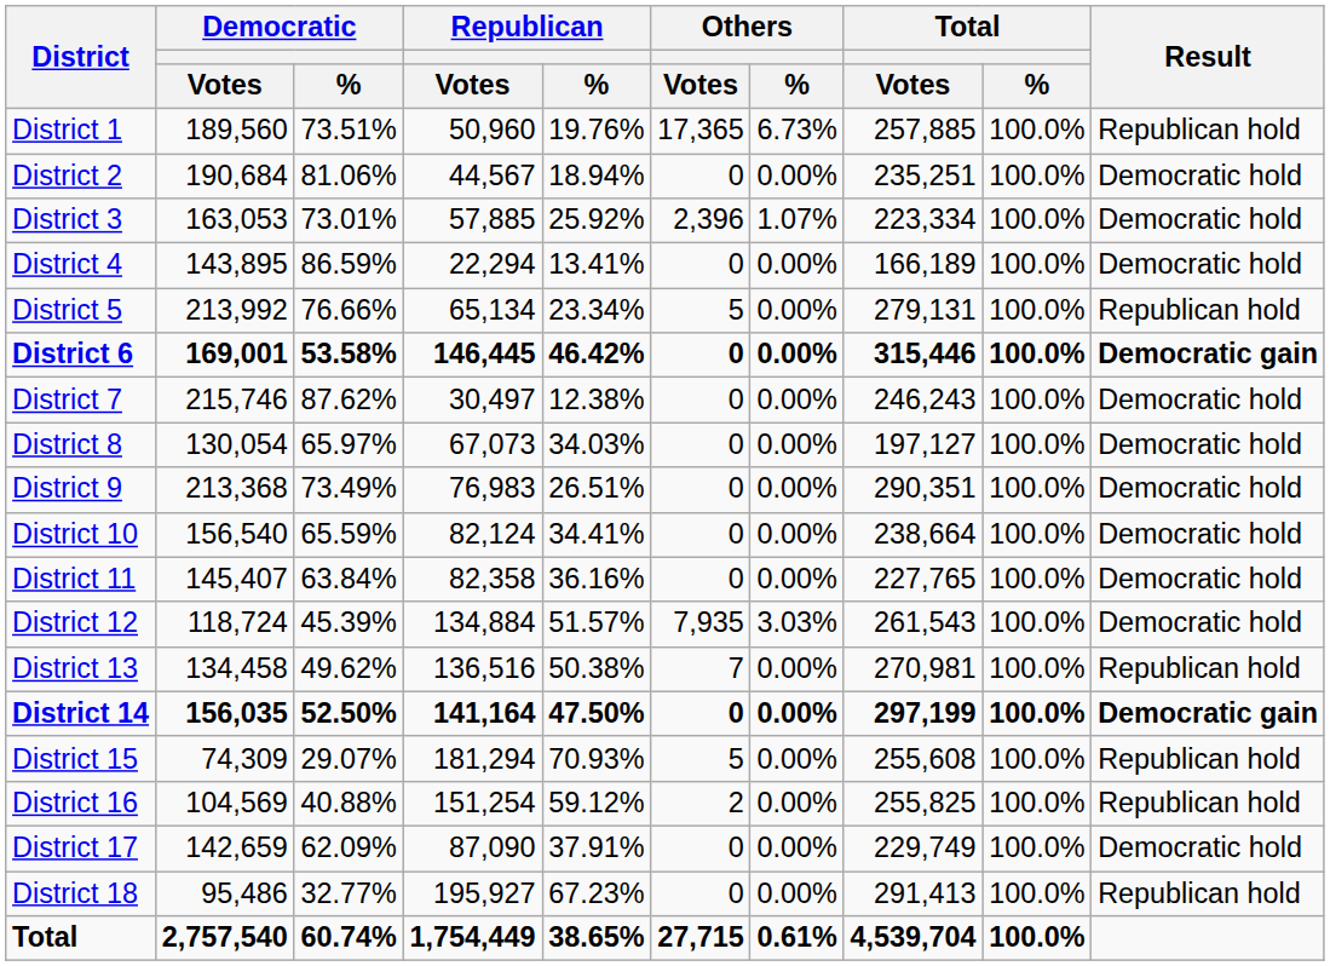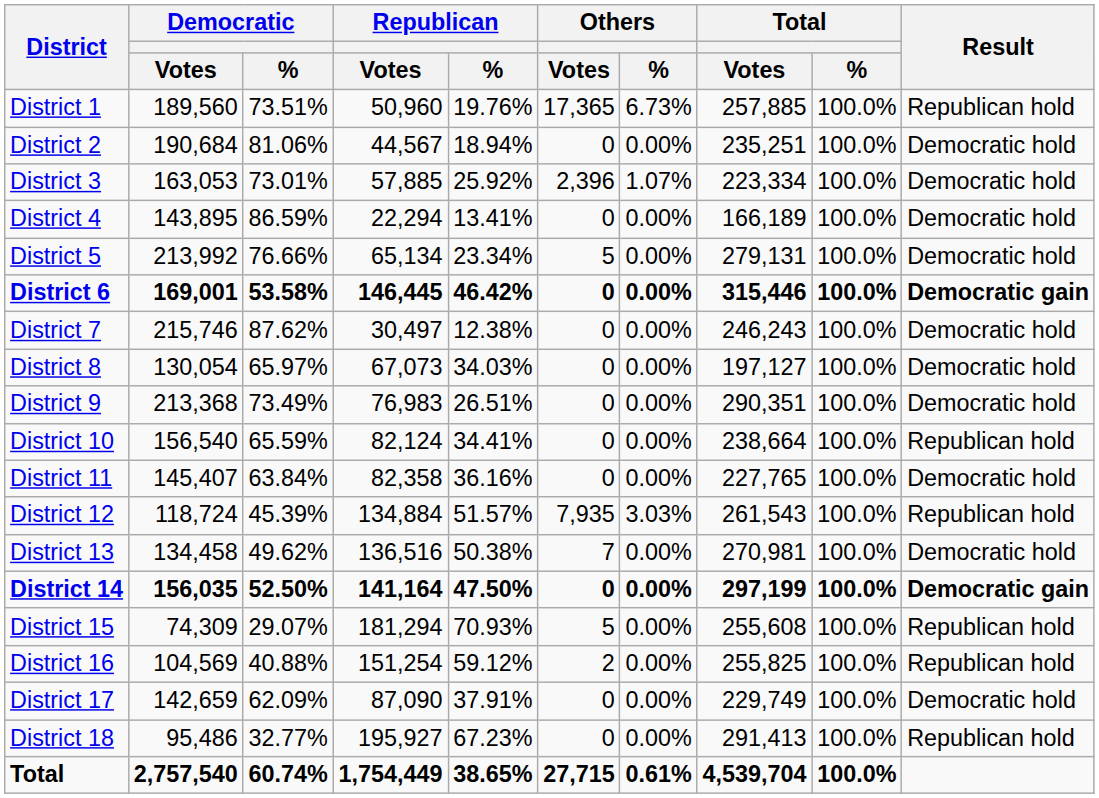 <table class="wikitable plainrowheaders sortable" style="font-size:100%; text-align:right;">
 <tr>
 <th scope=col rowspan=3><a href='#'>District</a></th>
 <th scope=col colspan=2><a href='#'>Democratic</a></th>
 <th scope=col colspan=2><a href='#'>Republican</a></th>
 <th scope=col colspan=2>Others</th>
 <th scope=col colspan=2>Total</th>
 <th scope=col rowspan=3>Result</th>
 </tr>
 <tr>
 <th scope=col colspan=2 style="background:"></th>
 <th scope=col colspan=2 style="background:"></th>
 <th scope=col colspan=2></th>
 <th scope=col colspan=2></th>
 </tr>
 <tr>
 <th scope=col data-sort-type="number">Votes</th>
 <th scope=col data-sort-type="number">%</th>
 <th scope=col data-sort-type="number">Votes</th>
 <th scope=col data-sort-type="number">%</th>
 <th scope=col data-sort-type="number">Votes</th>
 <th scope=col data-sort-type="number">%</th>
 <th scope=col data-sort-type="number">Votes</th>
 <th scope=col data-sort-type="number">%</th>
 </tr>
 <tr>
 <td align=left><a href='#'>District 1</a></td>
 <td>189,560</td>
 <td>73.51%</td>
 <td>50,960</td>
 <td>19.76%</td>
 <td>17,365</td>
 <td>6.73%</td>
 <td>257,885</td>
 <td>100.0%</td>
 <td align=left>Republican hold</td>
 </tr>
 <tr>
 <td align=left><a href='#'>District 2</a></td>
 <td>190,684</td>
 <td>81.06%</td>
 <td>44,567</td>
 <td>18.94%</td>
 <td>0</td>
 <td>0.00%</td>
 <td>235,251</td>
 <td>100.0%</td>
 <td align=left>Democratic hold</td>
 </tr>
 <tr>
 <td align=left><a href='#'>District 3</a></td>
 <td>163,053</td>
 <td>73.01%</td>
 <td>57,885</td>
 <td>25.92%</td>
 <td>2,396</td>
 <td>1.07%</td>
 <td>223,334</td>
 <td>100.0%</td>
 <td align=left>Democratic hold</td>
 </tr>
 <tr>
 <td align=left><a href='#'>District 4</a></td>
 <td>143,895</td>
 <td>86.59%</td>
 <td>22,294</td>
 <td>13.41%</td>
 <td>0</td>
 <td>0.00%</td>
 <td>166,189</td>
 <td>100.0%</td>
 <td align=left>Democratic hold</td>
 </tr>
 <tr>
 <td align=left><a href='#'>District 5</a></td>
 <td>213,992</td>
 <td>76.66%</td>
 <td>65,134</td>
 <td>23.34%</td>
 <td>5</td>
 <td>0.00%</td>
 <td>279,131</td>
 <td>100.0%</td>
-<td align=left>Republican hold</td>
+<td align=left>Democratic hold</td>
 </tr>
 <tr>
 <td align=left><strong><a href='#'>District 6</a></strong></td>
 <td><strong>169,001</strong></td>
 <td><strong>53.58%</strong></td>
 <td><strong>146,445</strong></td>
 <td><strong>46.42%</strong></td>
 <td><strong>0</strong></td>
 <td><strong>0.00%</strong></td>
 <td><strong>315,446</strong></td>
 <td><strong>100.0%</strong></td>
 <td align=left><strong>Democratic gain</strong></td>
 </tr>
 <tr>
 <td align=left><a href='#'>District 7</a></td>
 <td>215,746</td>
 <td>87.62%</td>
 <td>30,497</td>
 <td>12.38%</td>
 <td>0</td>
 <td>0.00%</td>
 <td>246,243</td>
 <td>100.0%</td>
 <td align=left>Democratic hold</td>
 </tr>
 <tr>
 <td align=left><a href='#'>District 8</a></td>
 <td>130,054</td>
 <td>65.97%</td>
 <td>67,073</td>
 <td>34.03%</td>
 <td>0</td>
 <td>0.00%</td>
 <td>197,127</td>
 <td>100.0%</td>
 <td align=left>Democratic hold</td>
 </tr>
 <tr>
 <td align=left><a href='#'>District 9</a></td>
 <td>213,368</td>
 <td>73.49%</td>
 <td>76,983</td>
 <td>26.51%</td>
 <td>0</td>
 <td>0.00%</td>
 <td>290,351</td>
 <td>100.0%</td>
 <td align=left>Democratic hold</td>
 </tr>
 <tr>
 <td align=left><a href='#'>District 10</a></td>
 <td>156,540</td>
 <td>65.59%</td>
 <td>82,124</td>
 <td>34.41%</td>
 <td>0</td>
 <td>0.00%</td>
 <td>238,664</td>
 <td>100.0%</td>
-<td align=left>Democratic hold</td>
+<td align=left>Republican hold</td>
 </tr>
 <tr>
 <td align=left><a href='#'>District 11</a></td>
 <td>145,407</td>
 <td>63.84%</td>
 <td>82,358</td>
 <td>36.16%</td>
 <td>0</td>
 <td>0.00%</td>
 <td>227,765</td>
 <td>100.0%</td>
 <td align=left>Democratic hold</td>
 </tr>
 <tr>
 <td align=left><a href='#'>District 12</a></td>
 <td>118,724</td>
 <td>45.39%</td>
 <td>134,884</td>
 <td>51.57%</td>
 <td>7,935</td>
 <td>3.03%</td>
 <td>261,543</td>
 <td>100.0%</td>
-<td align=left>Democratic hold</td>
+<td align=left>Republican hold</td>
 </tr>
 <tr>
 <td align=left><a href='#'>District 13</a></td>
 <td>134,458</td>
 <td>49.62%</td>
 <td>136,516</td>
 <td>50.38%</td>
 <td>7</td>
 <td>0.00%</td>
 <td>270,981</td>
 <td>100.0%</td>
-<td align=left>Republican hold</td>
+<td align=left>Democratic hold</td>
 </tr>
 <tr>
 <td align=left><strong><a href='#'>District 14</a></strong></td>
 <td><strong>156,035</strong></td>
 <td><strong>52.50%</strong></td>
 <td><strong>141,164</strong></td>
 <td><strong>47.50%</strong></td>
 <td><strong>0</strong></td>
 <td><strong>0.00%</strong></td>
 <td><strong>297,199</strong></td>
 <td><strong>100.0%</strong></td>
 <td align=left><strong>Democratic gain</strong></td>
 </tr>
 <tr>
 <td align=left><a href='#'>District 15</a></td>
 <td>74,309</td>
 <td>29.07%</td>
 <td>181,294</td>
 <td>70.93%</td>
 <td>5</td>
 <td>0.00%</td>
 <td>255,608</td>
 <td>100.0%</td>
 <td align=left>Republican hold</td>
 </tr>
 <tr>
 <td align=left><a href='#'>District 16</a></td>
 <td>104,569</td>
 <td>40.88%</td>
 <td>151,254</td>
 <td>59.12%</td>
 <td>2</td>
 <td>0.00%</td>
 <td>255,825</td>
 <td>100.0%</td>
 <td align=left>Republican hold</td>
 </tr>
 <tr>
 <td align=left><a href='#'>District 17</a></td>
 <td>142,659</td>
 <td>62.09%</td>
 <td>87,090</td>
 <td>37.91%</td>
 <td>0</td>
 <td>0.00%</td>
 <td>229,749</td>
 <td>100.0%</td>
 <td align=left>Democratic hold</td>
 </tr>
 <tr>
 <td align=left><a href='#'>District 18</a></td>
 <td>95,486</td>
 <td>32.77%</td>
 <td>195,927</td>
 <td>67.23%</td>
 <td>0</td>
 <td>0.00%</td>
 <td>291,413</td>
 <td>100.0%</td>
 <td align=left>Republican hold</td>
 </tr>
 <tr class="sortbottom" style="font-weight:bold">
 <td align=left>Total</td>
 <td>2,757,540</td>
 <td>60.74%</td>
 <td>1,754,449</td>
 <td>38.65%</td>
 <td>27,715</td>
 <td>0.61%</td>
 <td>4,539,704</td>
 <td>100.0%</td>
 <td></td>
 </tr>
 </table>
